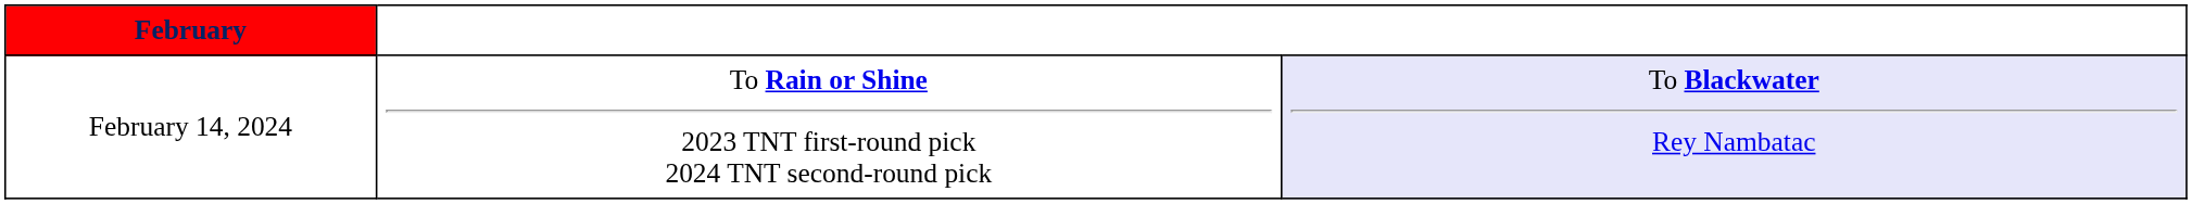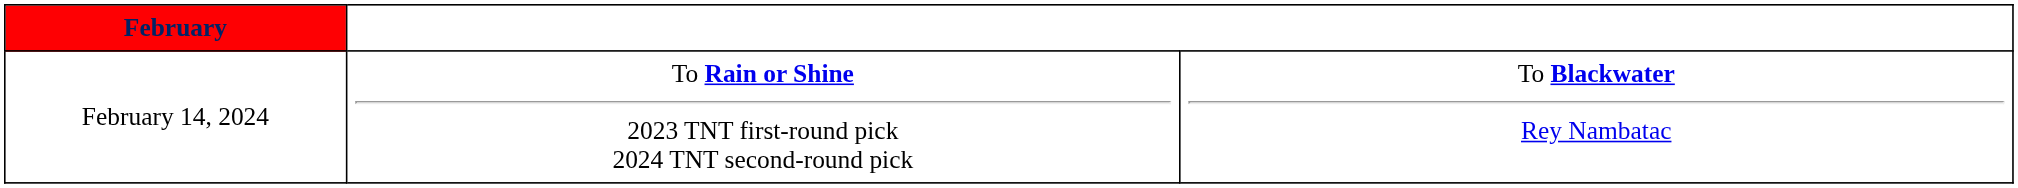 <table border=1 style="border-collapse:collapse; text-align: center; width: 100%" bordercolor="#000000"  cellpadding="5">
 <tr bgcolor="eeeeee">
 <th style="background:#FE0003; color:#002366; ">February</th>
 </tr>
 <tr>
 <td style="width:12%">February 14, 2024</td>
 <td style="width:29.3%" valign="top">To <strong><a href='#'>Rain or Shine</a></strong><hr>2023 TNT first-round pick<br>2024 TNT second-round pick</td>
-<td style="background: lavender; width:29.3%" valign="top">To <strong><a href='#'>Blackwater</a></strong><hr><a href='#'>Rey Nambatac</a></td>
+<td style="width:29.3%" valign="top">To <strong><a href='#'>Blackwater</a></strong><hr><a href='#'>Rey Nambatac</a></td>
 </tr>
 </table>
